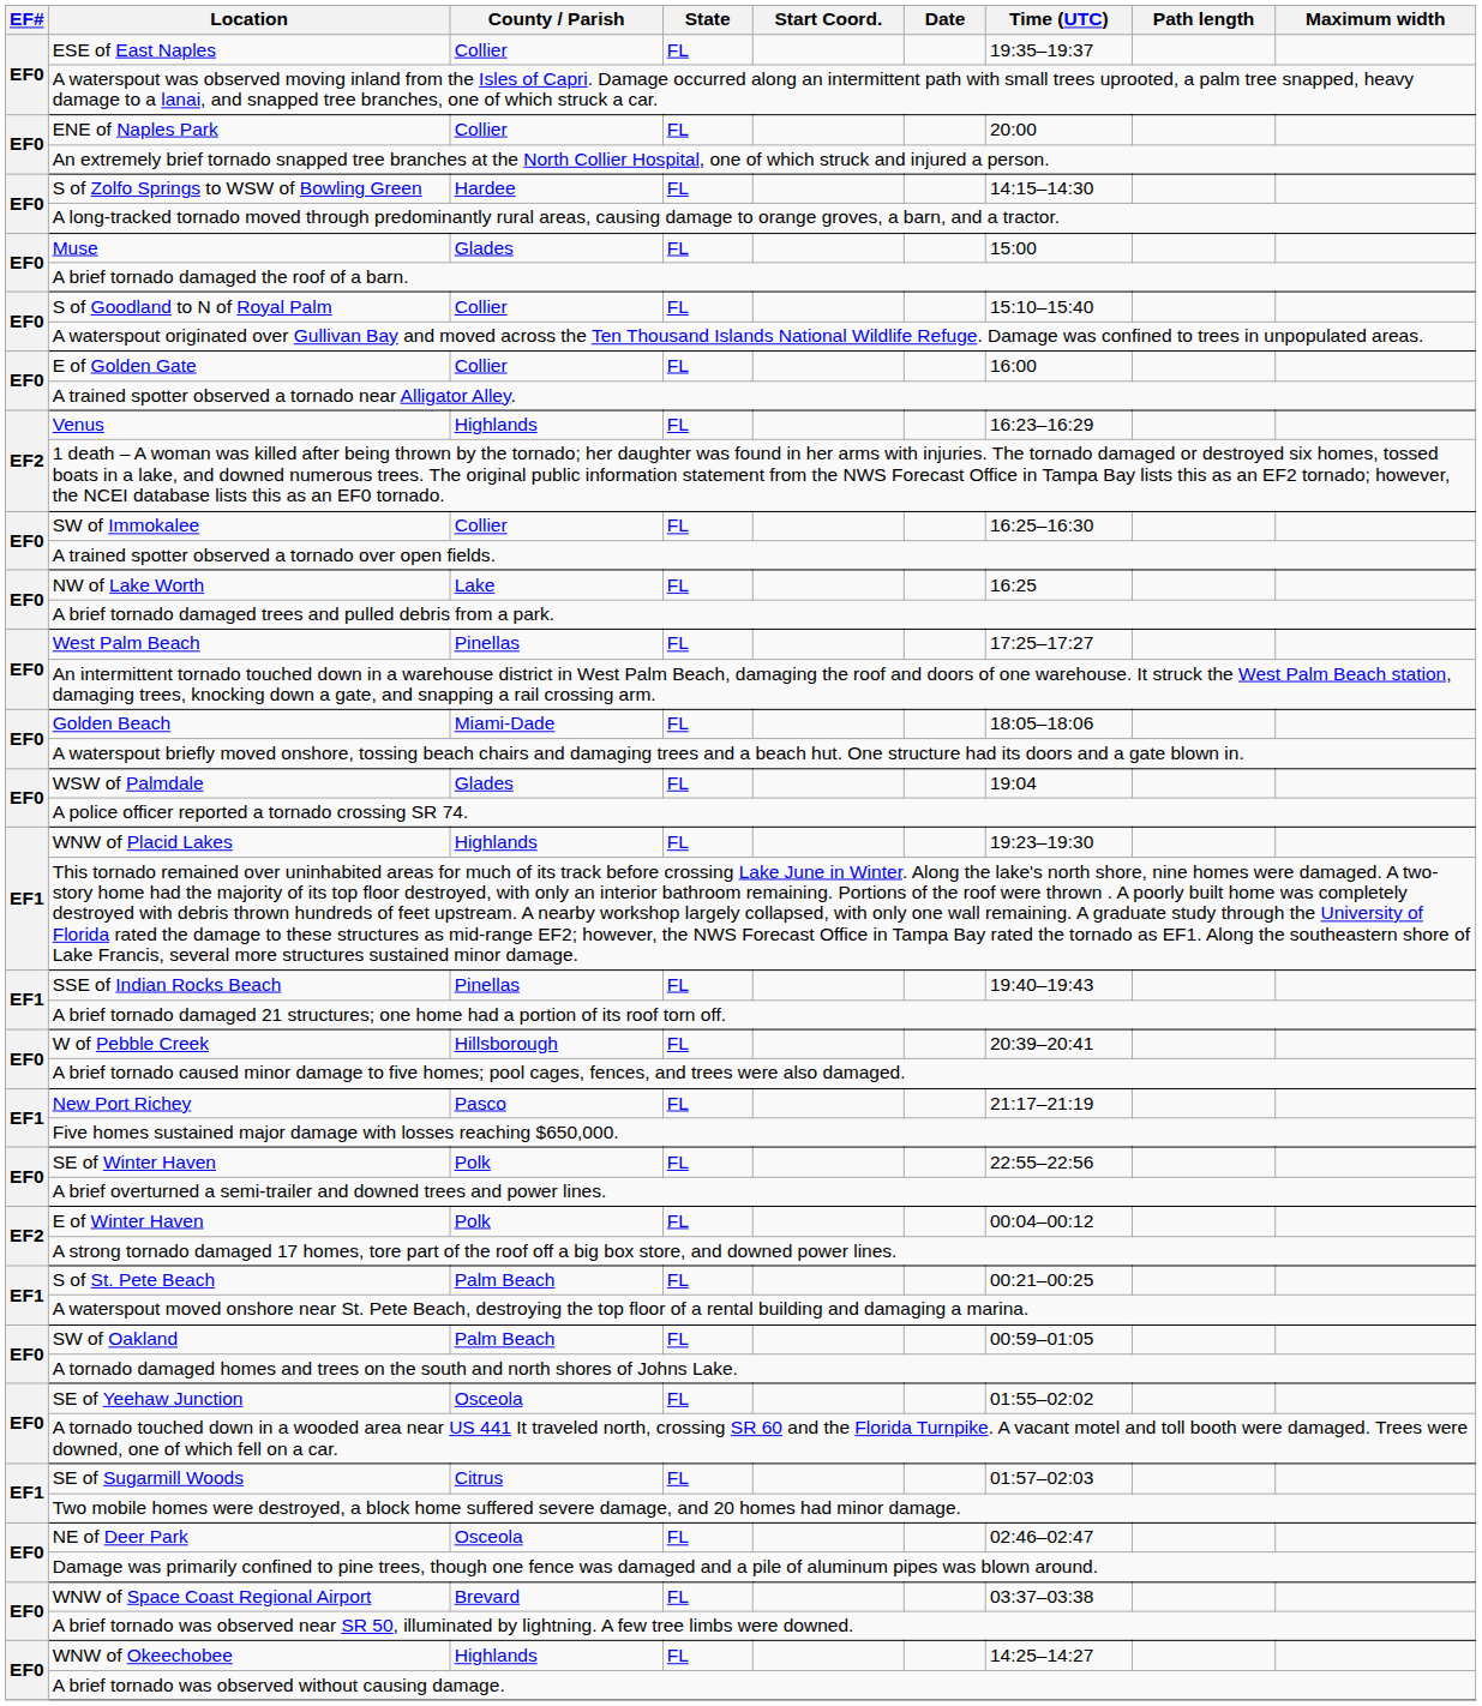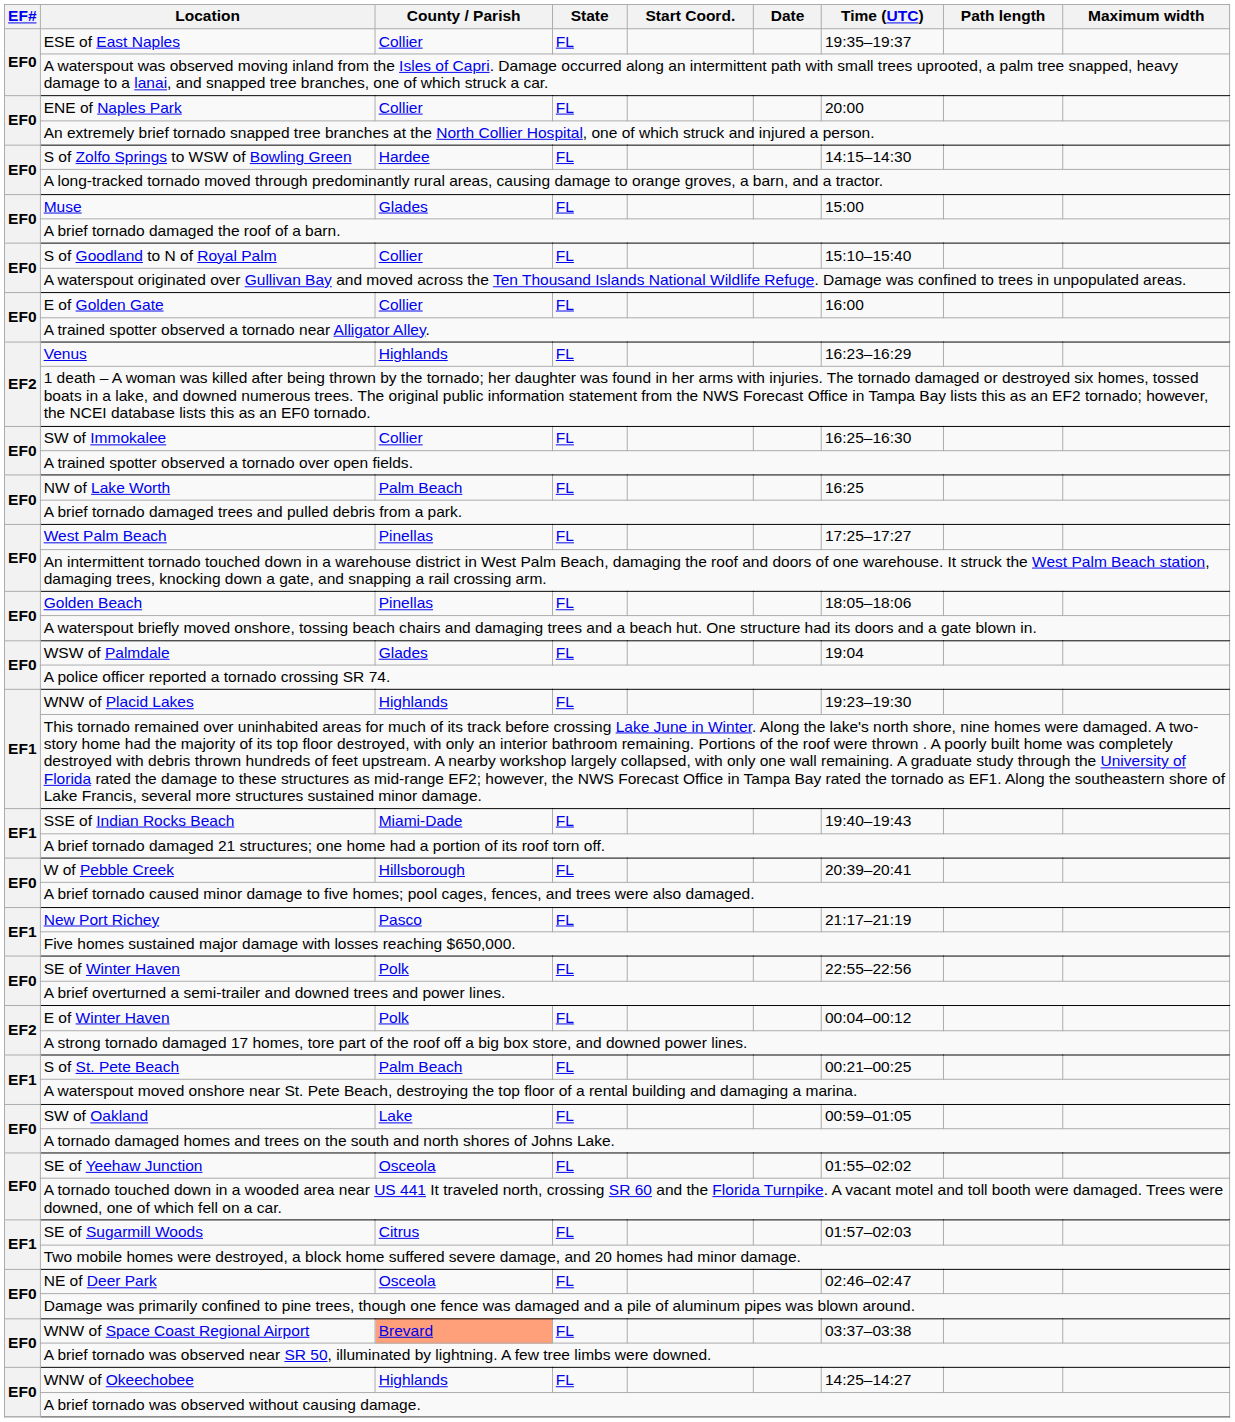 <table class="wikitable sortable" style="width:100%;">
 <tr>
 <th scope="col" width="2%" align="center"><a href='#'>EF#</a></th>
 <th scope="col" align="center" class="unsortable">Location</th>
 <th scope="col" align="center" class="unsortable">County / Parish</th>
 <th scope="col" align="center">State</th>
 <th scope="col" align="center">Start Coord.</th>
 <th scope="col" align="center">Date</th>
 <th scope="col" align="center">Time (<a href='#'>UTC</a>)</th>
 <th scope="col" align="center">Path length</th>
 <th scope="col" align="center">Maximum width</th>
 </tr>
 <tr>
 <th scope="row" rowspan="2" style="background-color:#">EF0</th>
 <td>ESE of <a href='#'>East Naples</a></td>
 <td><a href='#'>Collier</a></td>
 <td><a href='#'>FL</a></td>
 <td></td>
 <td></td>
 <td>19:35–19:37</td>
 <td></td>
 <td></td>
 </tr>
 <tr class="expand-child">
 <td colspan="8" style=" border-bottom: 1px solid black;">A waterspout was observed moving inland from the <a href='#'>Isles of Capri</a>. Damage occurred along an intermittent path with small trees uprooted, a palm tree snapped, heavy damage to a <a href='#'>lanai</a>, and snapped tree branches, one of which struck a car.</td>
 </tr>
 <tr>
 <th scope="row" rowspan="2" style="background-color:#">EF0</th>
 <td>ENE of <a href='#'>Naples Park</a></td>
 <td><a href='#'>Collier</a></td>
 <td><a href='#'>FL</a></td>
 <td></td>
 <td></td>
 <td>20:00</td>
 <td></td>
 <td></td>
 </tr>
 <tr class="expand-child">
 <td colspan="8" style=" border-bottom: 1px solid black;">An extremely brief tornado snapped tree branches at the <a href='#'>North Collier Hospital</a>, one of which struck and injured a person.</td>
 </tr>
 <tr>
 <th scope="row" rowspan="2" style="background-color:#">EF0</th>
 <td>S of <a href='#'>Zolfo Springs</a> to WSW of <a href='#'>Bowling Green</a></td>
 <td><a href='#'>Hardee</a></td>
 <td><a href='#'>FL</a></td>
 <td></td>
 <td></td>
 <td>14:15–14:30</td>
 <td></td>
 <td></td>
 </tr>
 <tr class="expand-child">
 <td colspan="8" style=" border-bottom: 1px solid black;">A long-tracked tornado moved through predominantly rural areas, causing damage to orange groves, a barn, and a tractor.</td>
 </tr>
 <tr>
 <th scope="row" rowspan="2" style="background-color:#">EF0</th>
 <td><a href='#'>Muse</a></td>
 <td><a href='#'>Glades</a></td>
 <td><a href='#'>FL</a></td>
 <td></td>
 <td></td>
 <td>15:00</td>
 <td></td>
 <td></td>
 </tr>
 <tr class="expand-child">
 <td colspan="8" style=" border-bottom: 1px solid black;">A brief tornado damaged the roof of a barn.</td>
 </tr>
 <tr>
 <th scope="row" rowspan="2" style="background-color:#">EF0</th>
 <td>S of <a href='#'>Goodland</a> to N of <a href='#'>Royal Palm</a></td>
 <td><a href='#'>Collier</a></td>
 <td><a href='#'>FL</a></td>
 <td></td>
 <td></td>
 <td>15:10–15:40</td>
 <td></td>
 <td></td>
 </tr>
 <tr class="expand-child">
 <td colspan="8" style=" border-bottom: 1px solid black;">A waterspout originated over <a href='#'>Gullivan Bay</a> and moved across the <a href='#'>Ten Thousand Islands National Wildlife Refuge</a>. Damage was confined to trees in unpopulated areas.</td>
 </tr>
 <tr>
 <th scope="row" rowspan="2" style="background-color:#">EF0</th>
 <td>E of <a href='#'>Golden Gate</a></td>
 <td><a href='#'>Collier</a></td>
 <td><a href='#'>FL</a></td>
 <td></td>
 <td></td>
 <td>16:00</td>
 <td></td>
 <td></td>
 </tr>
 <tr class="expand-child">
 <td colspan="8" style=" border-bottom: 1px solid black;">A trained spotter observed a tornado near <a href='#'>Alligator Alley</a>.</td>
 </tr>
 <tr>
 <th scope="row" rowspan="2" style="background-color:#">EF2</th>
 <td><a href='#'>Venus</a></td>
 <td><a href='#'>Highlands</a></td>
 <td><a href='#'>FL</a></td>
 <td></td>
 <td></td>
 <td>16:23–16:29</td>
 <td></td>
 <td></td>
 </tr>
 <tr class="expand-child">
 <td colspan="8" style=" border-bottom: 1px solid black;">1 death – A woman was killed after being thrown  by the tornado; her daughter was found in her arms with injuries. The tornado damaged or destroyed six homes, tossed boats in a lake, and downed numerous trees. The original public information statement from the NWS Forecast Office in Tampa Bay lists this as an EF2 tornado; however, the NCEI database lists this as an EF0 tornado.</td>
 </tr>
 <tr>
 <th scope="row" rowspan="2" style="background-color:#">EF0</th>
 <td>SW of <a href='#'>Immokalee</a></td>
 <td><a href='#'>Collier</a></td>
 <td><a href='#'>FL</a></td>
 <td></td>
 <td></td>
 <td>16:25–16:30</td>
 <td></td>
 <td></td>
 </tr>
 <tr class="expand-child">
 <td colspan="8" style=" border-bottom: 1px solid black;">A trained spotter observed a tornado over open fields.</td>
 </tr>
 <tr>
 <th scope="row" rowspan="2" style="background-color:#">EF0</th>
 <td>NW of <a href='#'>Lake Worth</a></td>
-<td><a href='#'>Lake</a></td>
+<td><a href='#'>Palm Beach</a></td>
 <td><a href='#'>FL</a></td>
 <td></td>
 <td></td>
 <td>16:25</td>
 <td></td>
 <td></td>
 </tr>
 <tr class="expand-child">
 <td colspan="8" style=" border-bottom: 1px solid black;">A brief tornado damaged trees and pulled debris from a park.</td>
 </tr>
 <tr>
 <th scope="row" rowspan="2" style="background-color:#">EF0</th>
 <td><a href='#'>West Palm Beach</a></td>
 <td><a href='#'>Pinellas</a></td>
 <td><a href='#'>FL</a></td>
 <td></td>
 <td></td>
 <td>17:25–17:27</td>
 <td></td>
 <td></td>
 </tr>
 <tr class="expand-child">
 <td colspan="8" style=" border-bottom: 1px solid black;">An intermittent tornado touched down in a warehouse district in West Palm Beach, damaging the roof and doors of one warehouse. It struck the <a href='#'>West Palm Beach station</a>, damaging trees, knocking down a gate, and snapping a rail crossing arm.</td>
 </tr>
 <tr>
 <th scope="row" rowspan="2" style="background-color:#">EF0</th>
 <td><a href='#'>Golden Beach</a></td>
-<td><a href='#'>Miami-Dade</a></td>
+<td><a href='#'>Pinellas</a></td>
 <td><a href='#'>FL</a></td>
 <td></td>
 <td></td>
 <td>18:05–18:06</td>
 <td></td>
 <td></td>
 </tr>
 <tr class="expand-child">
 <td colspan="8" style=" border-bottom: 1px solid black;">A waterspout briefly moved onshore, tossing beach chairs and damaging trees and a beach hut. One structure had its doors and a gate blown in.</td>
 </tr>
 <tr>
 <th scope="row" rowspan="2" style="background-color:#">EF0</th>
 <td>WSW of <a href='#'>Palmdale</a></td>
 <td><a href='#'>Glades</a></td>
 <td><a href='#'>FL</a></td>
 <td></td>
 <td></td>
 <td>19:04</td>
 <td></td>
 <td></td>
 </tr>
 <tr class="expand-child">
 <td colspan="8" style=" border-bottom: 1px solid black;">A police officer reported a tornado crossing SR 74.</td>
 </tr>
 <tr>
 <th scope="row" rowspan="2" style="background-color:#">EF1</th>
 <td>WNW of <a href='#'>Placid Lakes</a></td>
 <td><a href='#'>Highlands</a></td>
 <td><a href='#'>FL</a></td>
 <td></td>
 <td></td>
 <td>19:23–19:30</td>
 <td></td>
 <td></td>
 </tr>
 <tr class="expand-child">
 <td colspan="8" style=" border-bottom: 1px solid black;">This tornado remained over uninhabited areas for much of its track before crossing <a href='#'>Lake June in Winter</a>. Along the lake's north shore, nine homes were damaged. A two-story home had the majority of its top floor destroyed, with only an interior bathroom remaining. Portions of the roof were thrown . A poorly built home was completely destroyed with debris thrown hundreds of feet upstream. A nearby workshop largely collapsed, with only one wall remaining. A graduate study through the <a href='#'>University of Florida</a> rated the damage to these structures as mid-range EF2; however, the NWS Forecast Office in Tampa Bay rated the tornado as EF1. Along the southeastern shore of Lake Francis, several more structures sustained minor damage.</td>
 </tr>
 <tr>
 <th scope="row" rowspan="2" style="background-color:#">EF1</th>
 <td>SSE of <a href='#'>Indian Rocks Beach</a></td>
-<td><a href='#'>Pinellas</a></td>
+<td><a href='#'>Miami-Dade</a></td>
 <td><a href='#'>FL</a></td>
 <td></td>
 <td></td>
 <td>19:40–19:43</td>
 <td></td>
 <td></td>
 </tr>
 <tr class="expand-child">
 <td colspan="8" style=" border-bottom: 1px solid black;">A brief tornado damaged 21 structures; one home had a portion of its roof torn off.</td>
 </tr>
 <tr>
 <th scope="row" rowspan="2" style="background-color:#">EF0</th>
 <td>W of <a href='#'>Pebble Creek</a></td>
 <td><a href='#'>Hillsborough</a></td>
 <td><a href='#'>FL</a></td>
 <td></td>
 <td></td>
 <td>20:39–20:41</td>
 <td></td>
 <td></td>
 </tr>
 <tr class="expand-child">
 <td colspan="8" style=" border-bottom: 1px solid black;">A brief tornado caused minor damage to five homes; pool cages, fences, and trees were also damaged.</td>
 </tr>
 <tr>
 <th scope="row" rowspan="2" style="background-color:#">EF1</th>
 <td><a href='#'>New Port Richey</a></td>
 <td><a href='#'>Pasco</a></td>
 <td><a href='#'>FL</a></td>
 <td></td>
 <td></td>
 <td>21:17–21:19</td>
 <td></td>
 <td></td>
 </tr>
 <tr class="expand-child">
 <td colspan="8" style=" border-bottom: 1px solid black;">Five homes sustained major damage with losses reaching $650,000.</td>
 </tr>
 <tr>
 <th scope="row" rowspan="2" style="background-color:#">EF0</th>
 <td>SE of <a href='#'>Winter Haven</a></td>
 <td><a href='#'>Polk</a></td>
 <td><a href='#'>FL</a></td>
 <td></td>
 <td></td>
 <td>22:55–22:56</td>
 <td></td>
 <td></td>
 </tr>
 <tr class="expand-child">
 <td colspan="8" style=" border-bottom: 1px solid black;">A brief overturned a semi-trailer and downed trees and power lines.</td>
 </tr>
 <tr>
 <th scope="row" rowspan="2" style="background-color:#">EF2</th>
 <td>E of <a href='#'>Winter Haven</a></td>
 <td><a href='#'>Polk</a></td>
 <td><a href='#'>FL</a></td>
 <td></td>
 <td></td>
 <td>00:04–00:12</td>
 <td></td>
 <td></td>
 </tr>
 <tr class="expand-child">
 <td colspan="8" style=" border-bottom: 1px solid black;">A strong tornado damaged 17 homes, tore part of the roof off a big box store, and downed power lines.</td>
 </tr>
 <tr>
 <th scope="row" rowspan="2" style="background-color:#">EF1</th>
 <td>S of <a href='#'>St. Pete Beach</a></td>
 <td><a href='#'>Palm Beach</a></td>
 <td><a href='#'>FL</a></td>
 <td></td>
 <td></td>
 <td>00:21–00:25</td>
 <td></td>
 <td></td>
 </tr>
 <tr class="expand-child">
 <td colspan="8" style=" border-bottom: 1px solid black;">A waterspout moved onshore near St. Pete Beach, destroying the top floor of a rental building and damaging a marina.</td>
 </tr>
 <tr>
 <th scope="row" rowspan="2" style="background-color:#">EF0</th>
 <td>SW of <a href='#'>Oakland</a></td>
-<td><a href='#'>Palm Beach</a></td>
+<td><a href='#'>Lake</a></td>
 <td><a href='#'>FL</a></td>
 <td></td>
 <td></td>
 <td>00:59–01:05</td>
 <td></td>
 <td></td>
 </tr>
 <tr class="expand-child">
 <td colspan="8" style=" border-bottom: 1px solid black;">A tornado damaged homes and trees on the south and north shores of Johns Lake.</td>
 </tr>
 <tr>
 <th scope="row" rowspan="2" style="background-color:#">EF0</th>
 <td>SE of <a href='#'>Yeehaw Junction</a></td>
 <td><a href='#'>Osceola</a></td>
 <td><a href='#'>FL</a></td>
 <td></td>
 <td></td>
 <td>01:55–02:02</td>
 <td></td>
 <td></td>
 </tr>
 <tr class="expand-child">
 <td colspan="8" style=" border-bottom: 1px solid black;">A tornado touched down in a wooded area near <a href='#'>US 441</a> It traveled north, crossing <a href='#'>SR 60</a> and the <a href='#'>Florida Turnpike</a>. A vacant motel and toll booth were damaged. Trees were downed, one of which fell on a car.</td>
 </tr>
 <tr>
 <th scope="row" rowspan="2" style="background-color:#">EF1</th>
 <td>SE of <a href='#'>Sugarmill Woods</a></td>
 <td><a href='#'>Citrus</a></td>
 <td><a href='#'>FL</a></td>
 <td></td>
 <td></td>
 <td>01:57–02:03</td>
 <td></td>
 <td></td>
 </tr>
 <tr class="expand-child">
 <td colspan="8" style=" border-bottom: 1px solid black;">Two mobile homes were destroyed, a block home suffered severe damage, and 20 homes had minor damage.</td>
 </tr>
 <tr>
 <th scope="row" rowspan="2" style="background-color:#">EF0</th>
 <td>NE of <a href='#'>Deer Park</a></td>
 <td><a href='#'>Osceola</a></td>
 <td><a href='#'>FL</a></td>
 <td></td>
 <td></td>
 <td>02:46–02:47</td>
 <td></td>
 <td></td>
 </tr>
 <tr class="expand-child">
 <td colspan="8" style=" border-bottom: 1px solid black;">Damage was primarily confined to pine trees, though one fence was damaged and a pile of aluminum pipes was blown around.</td>
 </tr>
 <tr>
 <th scope="row" rowspan="2" style="background-color:#">EF0</th>
 <td>WNW of <a href='#'>Space Coast Regional Airport</a></td>
-<td><a href='#'>Brevard</a></td>
+<td style="background: lightsalmon;"><a href='#'>Brevard</a></td>
 <td><a href='#'>FL</a></td>
 <td></td>
 <td></td>
 <td>03:37–03:38</td>
 <td></td>
 <td></td>
 </tr>
 <tr class="expand-child">
 <td colspan="8" style=" border-bottom: 1px solid black;">A brief tornado was observed near <a href='#'>SR 50</a>, illuminated by lightning. A few tree limbs were downed.</td>
 </tr>
 <tr>
 <th scope="row" rowspan="2" style="background-color:#">EF0</th>
 <td>WNW of <a href='#'>Okeechobee</a></td>
 <td><a href='#'>Highlands</a></td>
 <td><a href='#'>FL</a></td>
 <td></td>
 <td></td>
 <td>14:25–14:27</td>
 <td></td>
 <td></td>
 </tr>
 <tr class="expand-child">
 <td colspan="8" style=" border-bottom: 1px solid black;">A brief tornado was observed without causing damage.</td>
 </tr>
 <tr>
 </tr>
 </table>
